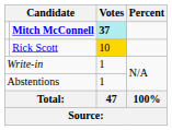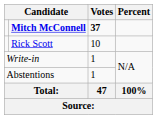 <table class="wikitable" style="font-size: align=left">
 <tr>
 <th colspan=2>Candidate</th>
 <th>Votes</th>
 <th>Percent</th>
 </tr>
 <tr>
 <td bgcolor=></td>
 <td><strong><a href='#'>Mitch McConnell</a></strong></td>
-<td style="background: paleturquoise;"><strong>37</strong></td>
+<td><strong>37</strong></td>
 <td></td>
 </tr>
 <tr>
 <td bgcolor=></td>
 <td><a href='#'>Rick Scott</a></td>
-<td style="background: gold;">10</td>
+<td>10</td>
 <td></td>
 </tr>
 <tr>
 <td colspan=2><em>Write-in</em></td>
 <td>1</td>
 <td rowspan=2>N/A</td>
 </tr>
 <tr>
 <td colspan=2>Abstentions</td>
 <td>1</td>
 </tr>
 <tr>
 <th colspan=2>Total:</th>
 <th>47</th>
 <th>100%</th>
 </tr>
 <tr>
 <th colspan=4>Source:</th>
 </tr>
 </table>
